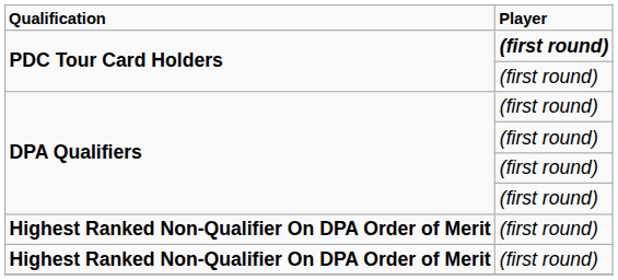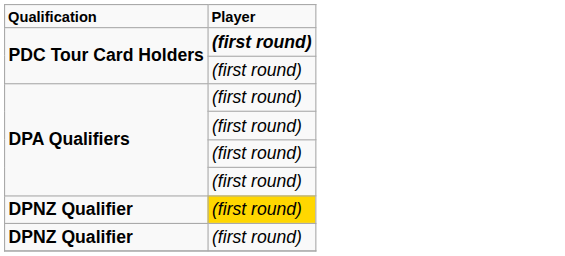 <table class="wikitable">
 <tr style="font-size:10pt;font-weight:bold">
 <td>Qualification</td>
 <td>Player</td>
 </tr>
 <tr>
 <td rowspan="2"><strong>PDC Tour Card Holders</strong></td>
 <td><strong> <em>(first round)</em></strong></td>
 </tr>
 <tr>
 <td> <em>(first round)</em></td>
 </tr>
 <tr>
 <td rowspan="4"><strong>DPA Qualifiers</strong></td>
 <td> <em>(first round)</em></td>
 </tr>
 <tr>
 <td> <em>(first round)</em></td>
 </tr>
 <tr>
 <td> <em>(first round)</em></td>
 </tr>
 <tr>
 <td> <em>(first round)</em></td>
 </tr>
 <tr>
-<td><strong>Highest Ranked Non-Qualifier On DPA Order of Merit</strong></td>
-<td> <em>(first round)</em></td>
+<td><strong>DPNZ Qualifier</strong></td>
+<td style="background: gold;"> <em>(first round)</em></td>
 </tr>
 <tr>
-<td><strong>Highest Ranked Non-Qualifier On DPA Order of Merit</strong></td>
+<td><strong>DPNZ Qualifier</strong></td>
 <td> <em>(first round)</em></td>
 </tr>
 <tr>
 </tr>
 </table>
